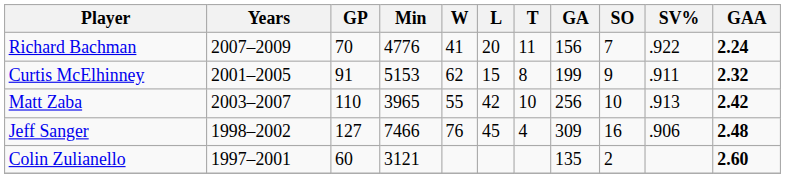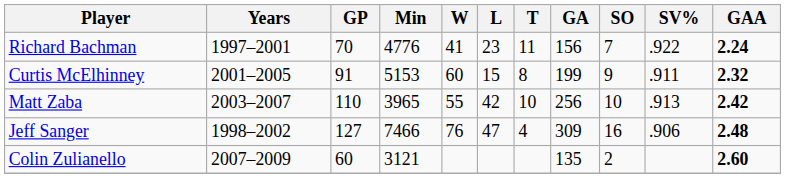 <table class="wikitable sortable" width ="700">
 <tr>
 <th>Player</th>
 <th>Years</th>
 <th>GP</th>
 <th>Min</th>
 <th>W</th>
 <th>L</th>
 <th>T</th>
 <th>GA</th>
 <th>SO</th>
 <th>SV%</th>
 <th>GAA</th>
 </tr>
 <tr>
 <td><a href='#'>Richard Bachman</a></td>
-<td>2007–2009</td>
+<td>1997–2001</td>
 <td>70</td>
 <td>4776</td>
 <td>41</td>
-<td>20</td>
+<td>23</td>
 <td>11</td>
 <td>156</td>
 <td>7</td>
 <td>.922</td>
 <td><strong>2.24</strong></td>
 </tr>
 <tr>
 <td><a href='#'>Curtis McElhinney</a></td>
 <td>2001–2005</td>
 <td>91</td>
 <td>5153</td>
-<td>62</td>
+<td>60</td>
 <td>15</td>
 <td>8</td>
 <td>199</td>
 <td>9</td>
 <td>.911</td>
 <td><strong>2.32</strong></td>
 </tr>
 <tr>
 <td><a href='#'>Matt Zaba</a></td>
 <td>2003–2007</td>
 <td>110</td>
 <td>3965</td>
 <td>55</td>
 <td>42</td>
 <td>10</td>
 <td>256</td>
 <td>10</td>
 <td>.913</td>
 <td><strong>2.42</strong></td>
 </tr>
 <tr>
 <td><a href='#'>Jeff Sanger</a></td>
 <td>1998–2002</td>
 <td>127</td>
 <td>7466</td>
 <td>76</td>
-<td>45</td>
+<td>47</td>
 <td>4</td>
 <td>309</td>
 <td>16</td>
 <td>.906</td>
 <td><strong>2.48</strong></td>
 </tr>
 <tr>
 <td><a href='#'>Colin Zulianello</a></td>
-<td>1997–2001</td>
+<td>2007–2009</td>
 <td>60</td>
 <td>3121</td>
 <td></td>
 <td></td>
 <td></td>
 <td>135</td>
 <td>2</td>
 <td></td>
 <td><strong>2.60</strong></td>
 </tr>
 <tr>
 </tr>
 </table>
